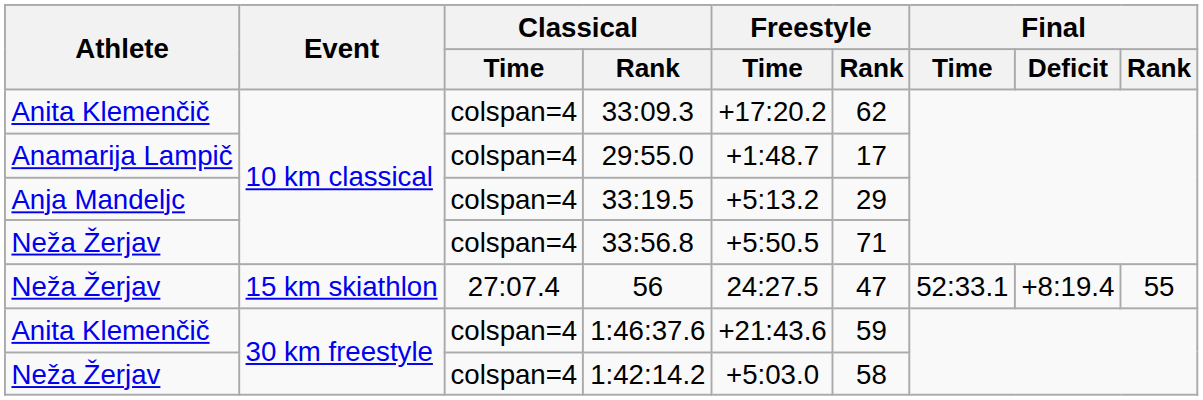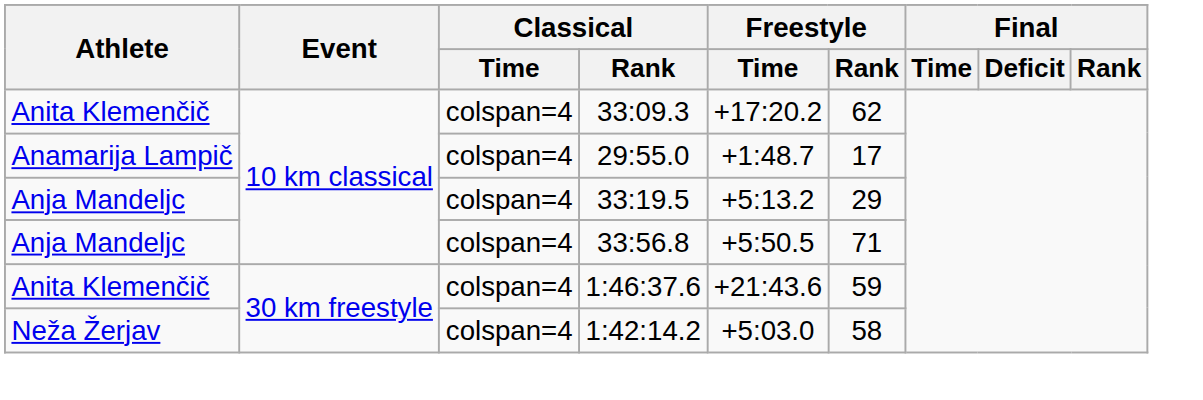 <table class="wikitable" style="font-size:90%">
 <tr>
 <th rowspan=2>Athlete</th>
 <th rowspan=2>Event</th>
 <th colspan=2>Classical</th>
 <th colspan=2>Freestyle</th>
 <th colspan=3>Final</th>
 </tr>
 <tr style="font-size: 95%">
 <th>Time</th>
 <th>Rank</th>
 <th>Time</th>
 <th>Rank</th>
 <th>Time</th>
 <th>Deficit</th>
 <th>Rank</th>
 </tr>
 <tr align=center>
 <td align=left><a href='#'>Anita Klemenčič</a></td>
 <td align=left rowspan=4><a href='#'>10 km classical</a></td>
 <td>colspan=4</td>
 <td>33:09.3</td>
 <td>+17:20.2</td>
 <td>62</td>
 </tr>
 <tr align=center>
 <td align=left><a href='#'>Anamarija Lampič</a></td>
 <td>colspan=4</td>
 <td>29:55.0</td>
 <td>+1:48.7</td>
 <td>17</td>
 </tr>
 <tr align=center>
 <td align=left><a href='#'>Anja Mandeljc</a></td>
 <td>colspan=4</td>
 <td>33:19.5</td>
 <td>+5:13.2</td>
 <td>29</td>
 </tr>
 <tr align=center>
-<td align=left><a href='#'>Neža Žerjav</a></td>
+<td align=left><a href='#'>Anja Mandeljc</a></td>
 <td>colspan=4</td>
 <td>33:56.8</td>
 <td>+5:50.5</td>
 <td>71</td>
-</tr>
-<tr align=center>
-<td align=left><a href='#'>Neža Žerjav</a></td>
-<td align=left><a href='#'>15 km skiathlon</a></td>
-<td>27:07.4</td>
-<td>56</td>
-<td>24:27.5</td>
-<td>47</td>
-<td>52:33.1</td>
-<td>+8:19.4</td>
-<td>55</td>
 </tr>
 <tr align=center>
 <td align=left><a href='#'>Anita Klemenčič</a></td>
 <td align=left rowspan=2><a href='#'>30 km freestyle</a></td>
 <td>colspan=4 </td>
 <td>1:46:37.6</td>
 <td>+21:43.6</td>
 <td>59</td>
 </tr>
 <tr align=center>
 <td align=left><a href='#'>Neža Žerjav</a></td>
 <td>colspan=4 </td>
 <td>1:42:14.2</td>
 <td>+5:03.0</td>
 <td>58</td>
 </tr>
 </table>
